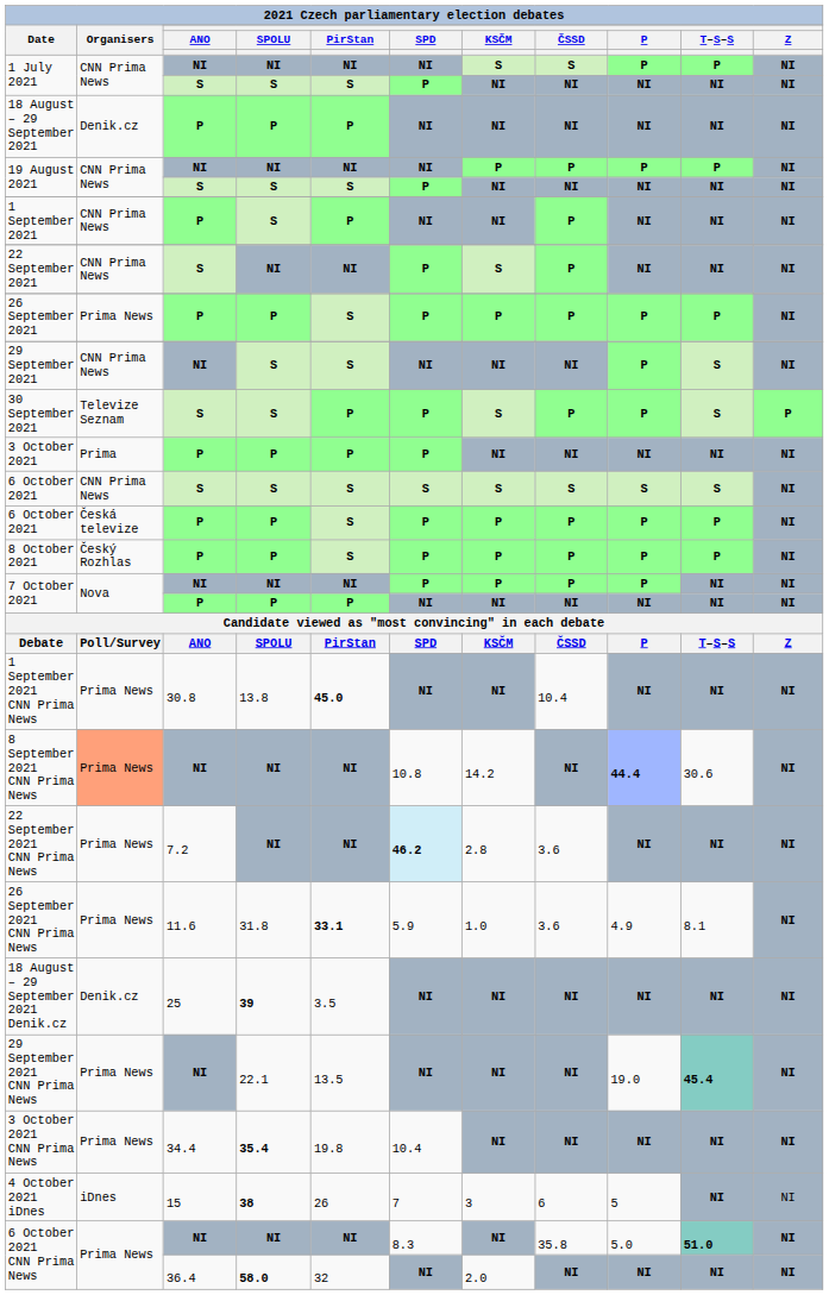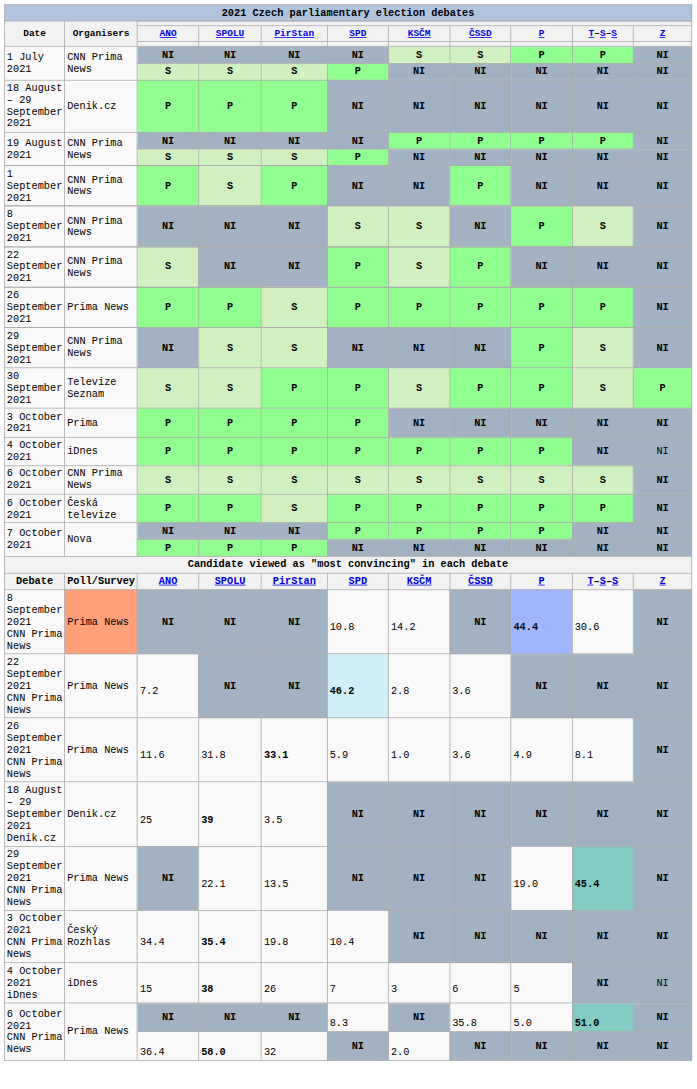 <table class="wikitable">
 <tr>
 <th colspan="11" style="background:#B0C4DE">2021 Czech parliamentary election debates</th>
 </tr>
 <tr style="font-size:small;">
 <th rowspan="4">Date</th>
 <th rowspan="4">Organisers</th>
 </tr>
 <tr>
 <th scope="col" colspan="9">       </th>
 </tr>
 <tr style="font-size:small;">
 <th scope="col" style="width:6.5em;"><a href='#'>ANO</a></th>
 <th scope="col" style="width:6.5em;"><a href='#'>SPOLU</a></th>
 <th scope="col" style="width:6.5em;"><a href='#'>PirStan</a></th>
 <th scope="col" style="width:6.5em;"><a href='#'>SPD</a></th>
 <th scope="col" style="width:6.5em;"><a href='#'>KSČM</a></th>
 <th scope="col" style="width:6.5em;"><a href='#'>ČSSD</a></th>
 <th scope="col" style="width:6.5em;"><a href='#'>P</a></th>
 <th scope="col" style="width:6.5em;"><a href='#'>T</a>–<a href='#'>S</a>–<a href='#'>S</a></th>
 <th scope="col" style="width:6.5em;"><a href='#'>Z</a></th>
 </tr>
 <tr>
 <th style="color:inherit;background:"></th>
 <th style="color:inherit;background:"></th>
 <th style="color:inherit;background:"></th>
 <th style="color:inherit;background:"></th>
 <th style="color:inherit;background:"></th>
 <th style="color:inherit;background:"></th>
 <th style="color:inherit;background:"></th>
 <th style="color:inherit;background:"></th>
 <th style="color:inherit;background:"></th>
 </tr>
 <tr>
 <td rowspan="2">1 July 2021</td>
 <td rowspan="2">CNN Prima News</td>
 <td style="background:#A2B2C2; color:black; text-align:center;"><strong>NI</strong></td>
 <td style="background:#A2B2C2; color:black; text-align:center;"><strong>NI</strong></td>
 <td style="background:#A2B2C2; color:black; text-align:center;"><strong>NI</strong></td>
 <td style="background:#A2B2C2; color:black; text-align:center;"><strong>NI</strong></td>
 <td style="background:#D0F0C0; color:black; text-align:center;"><strong>S</strong><br></td>
 <td style="background:#D0F0C0; color:black; text-align:center;"><strong>S</strong><br></td>
 <td style="background:#90ff90; color:black; text-align:center;"><strong>P</strong><br></td>
 <td style="background:#90ff90; color:black; text-align:center;"><strong>P</strong><br></td>
 <td style="background:#A2B2C2; color:black; text-align:center;"><strong>NI</strong></td>
 </tr>
 <tr>
 <td style="background:#D0F0C0; color:black; text-align:center;"><strong>S</strong><br></td>
 <td style="background:#D0F0C0; color:black; text-align:center;"><strong>S</strong><br></td>
 <td style="background:#D0F0C0; color:black; text-align:center;"><strong>S</strong><br></td>
 <td style="background:#90ff90; color:black; text-align:center;"><strong>P</strong><br></td>
 <td style="background:#A2B2C2; color:black; text-align:center;"><strong>NI</strong></td>
 <td style="background:#A2B2C2; color:black; text-align:center;"><strong>NI</strong></td>
 <td style="background:#A2B2C2; color:black; text-align:center;"><strong>NI</strong></td>
 <td style="background:#A2B2C2; color:black; text-align:center;"><strong>NI</strong></td>
 <td style="background:#A2B2C2; color:black; text-align:center;"><strong>NI</strong></td>
 </tr>
 <tr>
 <td>18 August – 29 September 2021</td>
 <td>Denik.cz</td>
 <td style="background:#90ff90; color:black; text-align:center;"><strong>P</strong><br></td>
 <td style="background:#90ff90; color:black; text-align:center;"><strong>P</strong><br></td>
 <td style="background:#90ff90; color:black; text-align:center;"><strong>P</strong><br></td>
 <td style="background:#A2B2C2; color:black; text-align:center;"><strong>NI</strong></td>
 <td style="background:#A2B2C2; color:black; text-align:center;"><strong>NI</strong></td>
 <td style="background:#A2B2C2; color:black; text-align:center;"><strong>NI</strong></td>
 <td style="background:#A2B2C2; color:black; text-align:center;"><strong>NI</strong></td>
 <td style="background:#A2B2C2; color:black; text-align:center;"><strong>NI</strong></td>
 <td style="background:#A2B2C2; color:black; text-align:center;"><strong>NI</strong></td>
 </tr>
 <tr>
 <td rowspan="2">19 August 2021</td>
 <td rowspan="2">CNN Prima News</td>
 <td style="background:#A2B2C2; color:black; text-align:center;"><strong>NI</strong></td>
 <td style="background:#A2B2C2; color:black; text-align:center;"><strong>NI</strong></td>
 <td style="background:#A2B2C2; color:black; text-align:center;"><strong>NI</strong></td>
 <td style="background:#A2B2C2; color:black; text-align:center;"><strong>NI</strong></td>
 <td style="background:#90ff90; color:black; text-align:center;"><strong>P</strong><br></td>
 <td style="background:#90ff90; color:black; text-align:center;"><strong>P</strong><br></td>
 <td style="background:#90ff90; color:black; text-align:center;"><strong>P</strong><br></td>
 <td style="background:#90ff90; color:black; text-align:center;"><strong>P</strong><br></td>
 <td style="background:#A2B2C2; color:black; text-align:center;"><strong>NI</strong></td>
 </tr>
 <tr>
 <td style="background:#D0F0C0; color:black; text-align:center;"><strong>S</strong><br></td>
 <td style="background:#D0F0C0; color:black; text-align:center;"><strong>S</strong><br></td>
 <td style="background:#D0F0C0; color:black; text-align:center;"><strong>S</strong><br></td>
 <td style="background:#90ff90; color:black; text-align:center;"><strong>P</strong><br></td>
 <td style="background:#A2B2C2; color:black; text-align:center;"><strong>NI</strong></td>
 <td style="background:#A2B2C2; color:black; text-align:center;"><strong>NI</strong></td>
 <td style="background:#A2B2C2; color:black; text-align:center;"><strong>NI</strong></td>
 <td style="background:#A2B2C2; color:black; text-align:center;"><strong>NI</strong></td>
 <td style="background:#A2B2C2; color:black; text-align:center;"><strong>NI</strong></td>
 </tr>
 <tr>
 </tr>
 <tr>
 <td>1 September 2021</td>
 <td>CNN Prima News</td>
 <td style="background:#90ff90; color:black; text-align:center;"><strong>P</strong><br></td>
 <td style="background:#D0F0C0; color:black; text-align:center;"><strong>S</strong><br></td>
 <td style="background:#90ff90; color:black; text-align:center;"><strong>P</strong><br></td>
 <td style="background:#A2B2C2; color:black; text-align:center;"><strong>NI</strong></td>
 <td style="background:#A2B2C2; color:black; text-align:center;"><strong>NI</strong></td>
 <td style="background:#90ff90; color:black; text-align:center;"><strong>P</strong><br></td>
 <td style="background:#A2B2C2; color:black; text-align:center;"><strong>NI</strong></td>
 <td style="background:#A2B2C2; color:black; text-align:center;"><strong>NI</strong></td>
 <td style="background:#A2B2C2; color:black; text-align:center;"><strong>NI</strong></td>
 </tr>
 <tr>
 </tr>
 <tr>
+<td>8 September 2021</td>
+<td>CNN Prima News</td>
+<td style="background:#A2B2C2; color:black; text-align:center;"><strong>NI</strong></td>
+<td style="background:#A2B2C2; color:black; text-align:center;"><strong>NI</strong></td>
+<td style="background:#A2B2C2; color:black; text-align:center;"><strong>NI</strong></td>
+<td style="background:#D0F0C0; color:black; text-align:center;"><strong>S</strong><br></td>
+<td style="background:#D0F0C0; color:black; text-align:center;"><strong>S</strong><br></td>
+<td style="background:#A2B2C2; color:black; text-align:center;"><strong>NI</strong></td>
+<td style="background:#90ff90; color:black; text-align:center;"><strong>P</strong><br></td>
+<td style="background:#D0F0C0; color:black; text-align:center;"><strong>S</strong><br></td>
+<td style="background:#A2B2C2; color:black; text-align:center;"><strong>NI</strong></td>
+</tr>
+<tr>
 </tr>
 <tr>
 <td>22 September 2021</td>
 <td>CNN Prima News</td>
 <td style="background:#D0F0C0; color:black; text-align:center;"><strong>S</strong><br></td>
 <td style="background:#A2B2C2; color:black; text-align:center;"><strong>NI</strong></td>
 <td style="background:#A2B2C2; color:black; text-align:center;"><strong>NI</strong></td>
 <td style="background:#90ff90; color:black; text-align:center;"><strong>P</strong><br></td>
 <td style="background:#D0F0C0; color:black; text-align:center;"><strong>S</strong><br></td>
 <td style="background:#90ff90; color:black; text-align:center;"><strong>P</strong><br></td>
 <td style="background:#A2B2C2; color:black; text-align:center;"><strong>NI</strong></td>
 <td style="background:#A2B2C2; color:black; text-align:center;"><strong>NI</strong></td>
 <td style="background:#A2B2C2; color:black; text-align:center;"><strong>NI</strong></td>
 </tr>
 <tr>
 </tr>
 <tr>
 <td>26 September 2021</td>
 <td>Prima News</td>
 <td style="background:#90ff90; color:black; text-align:center;"><strong>P</strong><br></td>
 <td style="background:#90ff90; color:black; text-align:center;"><strong>P</strong><br></td>
 <td style="background:#D0F0C0; color:black; text-align:center;"><strong>S</strong><br></td>
 <td style="background:#90ff90; color:black; text-align:center;"><strong>P</strong><br></td>
 <td style="background:#90ff90; color:black; text-align:center;"><strong>P</strong><br></td>
 <td style="background:#90ff90; color:black; text-align:center;"><strong>P</strong><br></td>
 <td style="background:#90ff90; color:black; text-align:center;"><strong>P</strong><br></td>
 <td style="background:#90ff90; color:black; text-align:center;"><strong>P</strong><br></td>
 <td style="background:#A2B2C2; color:black; text-align:center;"><strong>NI</strong></td>
 </tr>
 <tr>
 </tr>
 <tr>
 <td>29 September 2021</td>
 <td>CNN Prima News</td>
 <td style="background:#A2B2C2; color:black; text-align:center;"><strong>NI</strong></td>
 <td style="background:#D0F0C0; color:black; text-align:center;"><strong>S</strong><br></td>
 <td style="background:#D0F0C0; color:black; text-align:center;"><strong>S</strong><br></td>
 <td style="background:#A2B2C2; color:black; text-align:center;"><strong>NI</strong></td>
 <td style="background:#A2B2C2; color:black; text-align:center;"><strong>NI</strong></td>
 <td style="background:#A2B2C2; color:black; text-align:center;"><strong>NI</strong></td>
 <td style="background:#90ff90; color:black; text-align:center;"><strong>P</strong><br></td>
 <td style="background:#D0F0C0; color:black; text-align:center;"><strong>S</strong><br></td>
 <td style="background:#A2B2C2; color:black; text-align:center;"><strong>NI</strong></td>
 </tr>
 <tr>
 <td>30 September 2021</td>
 <td>Televize Seznam</td>
 <td style="background:#D0F0C0; color:black; text-align:center;"><strong>S</strong><br></td>
 <td style="background:#D0F0C0; color:black; text-align:center;"><strong>S</strong><br></td>
 <td style="background:#90ff90; color:black; text-align:center;"><strong>P</strong><br></td>
 <td style="background:#90ff90; color:black; text-align:center;"><strong>P</strong><br></td>
 <td style="background:#D0F0C0; color:black; text-align:center;"><strong>S</strong><br></td>
 <td style="background:#90ff90; color:black; text-align:center;"><strong>P</strong><br></td>
 <td style="background:#90ff90; color:black; text-align:center;"><strong>P</strong><br></td>
 <td style="background:#D0F0C0; color:black; text-align:center;"><strong>S</strong><br></td>
 <td style="background:#90ff90; color:black; text-align:center;"><strong>P</strong><br></td>
 </tr>
 <tr>
 <td>3 October 2021</td>
 <td>Prima</td>
 <td style="background:#90ff90; color:black; text-align:center;"><strong>P</strong><br></td>
 <td style="background:#90ff90; color:black; text-align:center;"><strong>P</strong><br></td>
 <td style="background:#90ff90; color:black; text-align:center;"><strong>P</strong><br></td>
 <td style="background:#90ff90; color:black; text-align:center;"><strong>P</strong><br></td>
 <td style="background:#A2B2C2; color:black; text-align:center;"><strong>NI</strong></td>
 <td style="background:#A2B2C2; color:black; text-align:center;"><strong>NI</strong></td>
 <td style="background:#A2B2C2; color:black; text-align:center;"><strong>NI</strong></td>
 <td style="background:#A2B2C2; color:black; text-align:center;"><strong>NI</strong></td>
 <td style="background:#A2B2C2; color:black; text-align:center;"><strong>NI</strong></td>
 </tr>
 <tr>
+<td>4 October 2021</td>
+<td>iDnes</td>
+<td style="background:#90ff90; color:black; text-align:center;"><strong>P</strong><br></td>
+<td style="background:#90ff90; color:black; text-align:center;"><strong>P</strong><br></td>
+<td style="background:#90ff90; color:black; text-align:center;"><strong>P</strong><br></td>
+<td style="background:#90ff90; color:black; text-align:center;"><strong>P</strong><br></td>
+<td style="background:#90ff90; color:black; text-align:center;"><strong>P</strong><br></td>
+<td style="background:#90ff90; color:black; text-align:center;"><strong>P</strong><br></td>
+<td style="background:#90ff90; color:black; text-align:center;"><strong>P</strong><br></td>
+<td style="background:#A2B2C2; color:black; text-align:center;"><strong>NI<em></td>
+<td style="background:#A2B2C2; color:black; text-align:center;"></strong>NI</em></td>
+</tr>
+<tr>
 <td>6 October 2021</td>
 <td>CNN Prima News</td>
 <td style="background:#D0F0C0; color:black; text-align:center;"><strong>S</strong><br></td>
 <td style="background:#D0F0C0; color:black; text-align:center;"><strong>S</strong><br></td>
 <td style="background:#D0F0C0; color:black; text-align:center;"><strong>S</strong><br></td>
 <td style="background:#D0F0C0; color:black; text-align:center;"><strong>S</strong><br></td>
 <td style="background:#D0F0C0; color:black; text-align:center;"><strong>S</strong><br></td>
 <td style="background:#D0F0C0; color:black; text-align:center;"><strong>S</strong><br></td>
 <td style="background:#D0F0C0; color:black; text-align:center;"><strong>S</strong><br></td>
 <td style="background:#D0F0C0; color:black; text-align:center;"><strong>S</strong><br></td>
 <td style="background:#A2B2C2; color:black; text-align:center;"><strong>NI</strong></td>
 </tr>
 <tr>
 <td>6 October 2021</td>
 <td>Česká televize</td>
-<td style="background:#90ff90; color:black; text-align:center;"><strong>P</strong><br></td>
-<td style="background:#90ff90; color:black; text-align:center;"><strong>P</strong><br></td>
-<td style="background:#D0F0C0; color:black; text-align:center;"><strong>S</strong><br></td>
-<td style="background:#90ff90; color:black; text-align:center;"><strong>P</strong><br></td>
-<td style="background:#90ff90; color:black; text-align:center;"><strong>P</strong><br></td>
-<td style="background:#90ff90; color:black; text-align:center;"><strong>P</strong><br></td>
-<td style="background:#90ff90; color:black; text-align:center;"><strong>P</strong><br></td>
-<td style="background:#90ff90; color:black; text-align:center;"><strong>P</strong><br></td>
-<td style="background:#A2B2C2; color:black; text-align:center;"><strong>NI</strong></td>
-</tr>
-<tr>
-<td>8 October 2021</td>
-<td>Český Rozhlas</td>
 <td style="background:#90ff90; color:black; text-align:center;"><strong>P</strong><br></td>
 <td style="background:#90ff90; color:black; text-align:center;"><strong>P</strong><br></td>
 <td style="background:#D0F0C0; color:black; text-align:center;"><strong>S</strong><br></td>
 <td style="background:#90ff90; color:black; text-align:center;"><strong>P</strong><br></td>
 <td style="background:#90ff90; color:black; text-align:center;"><strong>P</strong><br></td>
 <td style="background:#90ff90; color:black; text-align:center;"><strong>P</strong><br></td>
 <td style="background:#90ff90; color:black; text-align:center;"><strong>P</strong><br></td>
 <td style="background:#90ff90; color:black; text-align:center;"><strong>P</strong><br></td>
 <td style="background:#A2B2C2; color:black; text-align:center;"><strong>NI</strong></td>
 </tr>
 <tr>
 <td rowspan="2">7 October 2021</td>
 <td rowspan="2">Nova</td>
 <td style="background:#A2B2C2; color:black; text-align:center;"><strong>NI</strong></td>
 <td style="background:#A2B2C2; color:black; text-align:center;"><strong>NI</strong></td>
 <td style="background:#A2B2C2; color:black; text-align:center;"><strong>NI</strong></td>
 <td style="background:#90ff90; color:black; text-align:center;"><strong>P</strong><br></td>
 <td style="background:#90ff90; color:black; text-align:center;"><strong>P</strong><br></td>
 <td style="background:#90ff90; color:black; text-align:center;"><strong>P</strong><br></td>
 <td style="background:#90ff90; color:black; text-align:center;"><strong>P</strong><br></td>
 <td style="background:#A2B2C2; color:black; text-align:center;"><strong>NI</strong></td>
 <td style="background:#A2B2C2; color:black; text-align:center;"><strong>NI</strong></td>
 </tr>
 <tr>
 <td style="background:#90ff90; color:black; text-align:center;"><strong>P</strong><br></td>
 <td style="background:#90ff90; color:black; text-align:center;"><strong>P</strong><br></td>
 <td style="background:#90ff90; color:black; text-align:center;"><strong>P</strong><br></td>
 <td style="background:#A2B2C2; color:black; text-align:center;"><strong>NI</strong></td>
 <td style="background:#A2B2C2; color:black; text-align:center;"><strong>NI</strong></td>
 <td style="background:#A2B2C2; color:black; text-align:center;"><strong>NI</strong></td>
 <td style="background:#A2B2C2; color:black; text-align:center;"><strong>NI</strong></td>
 <td style="background:#A2B2C2; color:black; text-align:center;"><strong>NI</strong></td>
 <td style="background:#A2B2C2; color:black; text-align:center;"><strong>NI</strong></td>
 </tr>
 <tr>
 <th colspan="11">Candidate viewed as "most convincing" in each debate</th>
 </tr>
 <tr>
 <th>Debate</th>
 <th>Poll/Survey</th>
 <th scope="col" style="width:6.5em;"><a href='#'>ANO</a></th>
 <th scope="col" style="width:6.5em;"><a href='#'>SPOLU</a></th>
 <th scope="col" style="width:6.5em;"><a href='#'>PirStan</a></th>
 <th scope="col" style="width:6.5em;"><a href='#'>SPD</a></th>
 <th scope="col" style="width:6.5em;"><a href='#'>KSČM</a></th>
 <th scope="col" style="width:6.5em;"><a href='#'>ČSSD</a></th>
 <th scope="col" style="width:6.5em;"><a href='#'>P</a></th>
 <th scope="col" style="width:6.5em;"><a href='#'>T</a>–<a href='#'>S</a>–<a href='#'>S</a></th>
 <th scope="col" style="width:6.5em;"><a href='#'>Z</a></th>
-</tr>
-<tr>
-<td>1 September 2021<br>CNN Prima News</td>
-<td>Prima News</td>
-<td><br>30.8</td>
-<td><br>13.8</td>
-<td><br><strong>45.0</strong></td>
-<td style="background:#A2B2C2; color:black; text-align:center;"><strong>NI</strong></td>
-<td style="background:#A2B2C2; color:black; text-align:center;"><strong>NI</strong></td>
-<td><br>10.4</td>
-<td style="background:#A2B2C2; color:black; text-align:center;"><strong>NI</strong></td>
-<td style="background:#A2B2C2; color:black; text-align:center;"><strong>NI</strong></td>
-<td style="background:#A2B2C2; color:black; text-align:center;"><strong>NI</strong></td>
 </tr>
 <tr>
 <td>8 September 2021<br>CNN Prima News</td>
 <td style="background: lightsalmon;">Prima News</td>
 <td style="background:#A2B2C2; color:black; text-align:center;"><strong>NI</strong></td>
 <td style="background:#A2B2C2; color:black; text-align:center;"><strong>NI</strong></td>
 <td style="background:#A2B2C2; color:black; text-align:center;"><strong>NI</strong></td>
 <td><br>10.8</td>
 <td><br>14.2</td>
 <td style="background:#A2B2C2; color:black; text-align:center;"><strong>NI</strong></td>
 <td bgcolor="#9FB6FF"><br><strong>44.4</strong></td>
 <td><br>30.6</td>
 <td style="background:#A2B2C2; color:black; text-align:center;"><strong>NI</strong></td>
 </tr>
 <tr>
 <td>22 September 2021<br>CNN Prima News</td>
 <td>Prima News</td>
 <td><br>7.2</td>
 <td style="background:#A2B2C2; color:black; text-align:center;"><strong>NI</strong></td>
 <td style="background:#A2B2C2; color:black; text-align:center;"><strong>NI</strong></td>
 <td bgcolor="#D0EEF8"><br><strong>46.2</strong></td>
 <td><br>2.8</td>
 <td><br>3.6</td>
 <td style="background:#A2B2C2; color:black; text-align:center;"><strong>NI</strong></td>
 <td style="background:#A2B2C2; color:black; text-align:center;"><strong>NI</strong></td>
 <td style="background:#A2B2C2; color:black; text-align:center;"><strong>NI</strong></td>
 </tr>
 <tr>
 <td>26 September 2021<br>CNN Prima News</td>
 <td>Prima News</td>
 <td><br>11.6</td>
 <td><br>31.8</td>
 <td><br><strong>33.1</strong></td>
 <td><br>5.9</td>
 <td><br>1.0</td>
 <td><br>3.6</td>
 <td><br>4.9</td>
 <td><br>8.1</td>
 <td style="background:#A2B2C2; color:black; text-align:center;"><strong>NI</strong></td>
 </tr>
 <tr>
 <td>18 August – 29 September 2021<br>Denik.cz</td>
 <td>Denik.cz</td>
 <td><br>25</td>
 <td><br><strong>39</strong></td>
 <td><br>3.5</td>
 <td style="background:#A2B2C2; color:black; text-align:center;"><strong>NI</strong></td>
 <td style="background:#A2B2C2; color:black; text-align:center;"><strong>NI</strong></td>
 <td style="background:#A2B2C2; color:black; text-align:center;"><strong>NI</strong></td>
 <td style="background:#A2B2C2; color:black; text-align:center;"><strong>NI</strong></td>
 <td style="background:#A2B2C2; color:black; text-align:center;"><strong>NI</strong></td>
 <td style="background:#A2B2C2; color:black; text-align:center;"><strong>NI</strong></td>
 </tr>
 <tr>
 <td>29 September 2021<br>CNN Prima News</td>
 <td>Prima News</td>
 <td style="background:#A2B2C2; color:black; text-align:center;"><strong>NI</strong></td>
 <td><br>22.1</td>
 <td><br>13.5</td>
 <td style="background:#A2B2C2; color:black; text-align:center;"><strong>NI</strong></td>
 <td style="background:#A2B2C2; color:black; text-align:center;"><strong>NI</strong></td>
 <td style="background:#A2B2C2; color:black; text-align:center;"><strong>NI</strong></td>
 <td><br>19.0</td>
 <td bgcolor="#84CCC3"><br><strong>45.4</strong></td>
 <td style="background:#A2B2C2; color:black; text-align:center;"><strong>NI</strong></td>
 </tr>
 <tr>
 <td>3 October 2021<br>CNN Prima News</td>
-<td>Prima News</td>
+<td>Český Rozhlas</td>
 <td><br>34.4</td>
 <td><br><strong>35.4</strong></td>
 <td><br>19.8</td>
 <td><br>10.4</td>
 <td style="background:#A2B2C2; color:black; text-align:center;"><strong>NI</strong></td>
 <td style="background:#A2B2C2; color:black; text-align:center;"><strong>NI</strong></td>
 <td style="background:#A2B2C2; color:black; text-align:center;"><strong>NI</strong></td>
 <td style="background:#A2B2C2; color:black; text-align:center;"><strong>NI</strong></td>
 <td style="background:#A2B2C2; color:black; text-align:center;"><strong>NI</strong></td>
 </tr>
 <tr>
 <td>4 October 2021<br>iDnes</td>
 <td>iDnes</td>
 <td><br>15</td>
 <td><br><strong>38</strong></td>
 <td><br>26</td>
 <td><br>7</td>
 <td><br>3</td>
 <td><br>6</td>
 <td><br>5</td>
 <td style="background:#A2B2C2; color:black; text-align:center;"><strong>NI<em></td>
 <td style="background:#A2B2C2; color:black; text-align:center;"></strong>NI</em></td>
 </tr>
 <tr>
 <td rowspan="2">6 October 2021<br>CNN Prima News</td>
 <td rowspan="2">Prima News</td>
 <td style="background:#A2B2C2; color:black; text-align:center;"><strong>NI</strong></td>
 <td style="background:#A2B2C2; color:black; text-align:center;"><strong>NI</strong></td>
 <td style="background:#A2B2C2; color:black; text-align:center;"><strong>NI</strong></td>
 <td><br>8.3</td>
 <td style="background:#A2B2C2; color:black; text-align:center;"><strong>NI</strong></td>
 <td><br>35.8</td>
 <td><br>5.0</td>
 <td bgcolor="#84CCC3"><br><strong>51.0</strong></td>
 <td style="background:#A2B2C2; color:black; text-align:center;"><strong>NI</strong></td>
 </tr>
 <tr>
 <td><br>36.4</td>
 <td><br><strong>58.0</strong></td>
 <td><br>32</td>
 <td style="background:#A2B2C2; color:black; text-align:center;"><strong>NI</strong></td>
 <td><br>2.0</td>
 <td style="background:#A2B2C2; color:black; text-align:center;"><strong>NI</strong></td>
 <td style="background:#A2B2C2; color:black; text-align:center;"><strong>NI</strong></td>
 <td style="background:#A2B2C2; color:black; text-align:center;"><strong>NI</strong></td>
 <td style="background:#A2B2C2; color:black; text-align:center;"><strong>NI</strong></td>
 </tr>
 </table>
